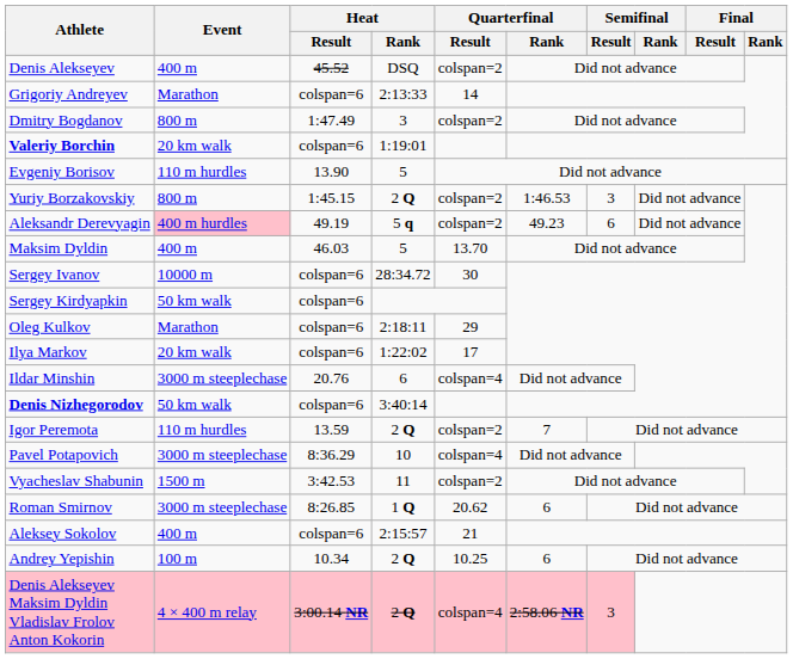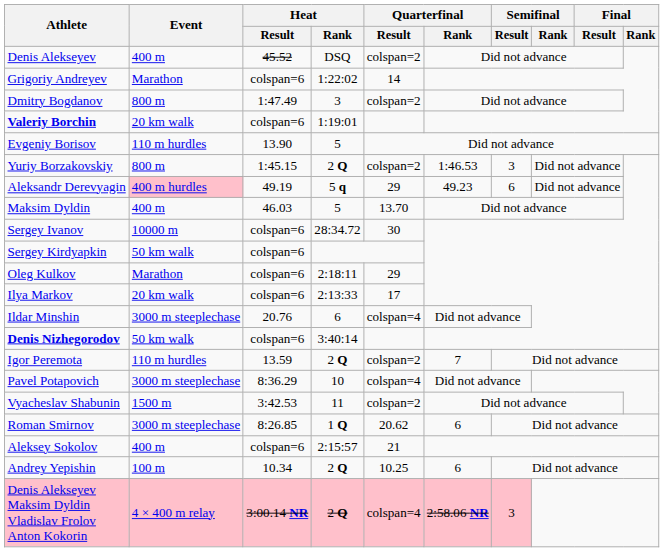 <table class=wikitable style="font-size:90%">
 <tr>
 <th rowspan="2">Athlete</th>
 <th rowspan="2">Event</th>
 <th colspan="2">Heat</th>
 <th colspan="2">Quarterfinal</th>
 <th colspan="2">Semifinal</th>
 <th colspan="2">Final</th>
 </tr>
 <tr style="font-size:95%">
 <th>Result</th>
 <th>Rank</th>
 <th>Result</th>
 <th>Rank</th>
 <th>Result</th>
 <th>Rank</th>
 <th>Result</th>
 <th>Rank</th>
 </tr>
 <tr align=center>
 <td align=left><a href='#'>Denis Alekseyev</a></td>
 <td align=left><a href='#'>400 m</a></td>
 <td><s>45.52</s></td>
 <td>DSQ</td>
 <td>colspan=2 </td>
 <td colspan=4>Did not advance</td>
 </tr>
 <tr align=center>
 <td align=left><a href='#'>Grigoriy Andreyev</a></td>
 <td align=left><a href='#'>Marathon</a></td>
 <td>colspan=6 </td>
-<td>2:13:33</td>
+<td>1:22:02</td>
 <td>14</td>
 </tr>
 <tr align=center>
 <td align=left><a href='#'>Dmitry Bogdanov</a></td>
 <td align=left><a href='#'>800 m</a></td>
 <td>1:47.49</td>
 <td>3</td>
 <td>colspan=2 </td>
 <td colspan=4>Did not advance</td>
 </tr>
 <tr align=center>
 <td align=left><strong><a href='#'>Valeriy Borchin</a></strong></td>
 <td align=left><a href='#'>20 km walk</a></td>
 <td>colspan=6 </td>
 <td>1:19:01</td>
 <td></td>
 </tr>
 <tr align=center>
 <td align=left><a href='#'>Evgeniy Borisov</a></td>
 <td align=left><a href='#'>110 m hurdles</a></td>
 <td>13.90</td>
 <td>5</td>
 <td colspan=6>Did not advance</td>
 </tr>
 <tr align=center>
 <td align=left><a href='#'>Yuriy Borzakovskiy</a></td>
 <td align=left><a href='#'>800 m</a></td>
 <td>1:45.15</td>
 <td>2 <strong>Q</strong></td>
 <td>colspan=2 </td>
 <td>1:46.53</td>
 <td>3</td>
 <td colspan=2>Did not advance</td>
 </tr>
 <tr align=center>
 <td align=left><a href='#'>Aleksandr Derevyagin</a></td>
 <td align=left style="background: pink;"><a href='#'>400 m hurdles</a></td>
 <td>49.19</td>
 <td>5 <strong>q</strong></td>
-<td>colspan=2 </td>
+<td>29</td>
 <td>49.23</td>
 <td>6</td>
 <td colspan=2>Did not advance</td>
 </tr>
 <tr align=center>
 <td align=left><a href='#'>Maksim Dyldin</a></td>
 <td align=left><a href='#'>400 m</a></td>
 <td>46.03</td>
 <td>5</td>
 <td>13.70</td>
 <td colspan=4>Did not advance</td>
 </tr>
 <tr align=center>
 <td align=left><a href='#'>Sergey Ivanov</a></td>
 <td align=left><a href='#'>10000 m</a></td>
 <td>colspan=6 </td>
 <td>28:34.72</td>
 <td>30</td>
 </tr>
 <tr align=center>
 <td align=left><a href='#'>Sergey Kirdyapkin</a></td>
 <td align=left><a href='#'>50 km walk</a></td>
 <td>colspan=6 </td>
 <td colspan=2></td>
 </tr>
 <tr align=center>
 <td align=left><a href='#'>Oleg Kulkov</a></td>
 <td align=left><a href='#'>Marathon</a></td>
 <td>colspan=6 </td>
 <td>2:18:11</td>
 <td>29</td>
 </tr>
 <tr align=center>
 <td align=left><a href='#'>Ilya Markov</a></td>
 <td align=left><a href='#'>20 km walk</a></td>
 <td>colspan=6 </td>
-<td>1:22:02</td>
+<td>2:13:33</td>
 <td>17</td>
 </tr>
 <tr align=center>
 <td align=left><a href='#'>Ildar Minshin</a></td>
 <td align=left><a href='#'>3000 m steeplechase</a></td>
 <td>20.76</td>
 <td>6</td>
 <td>colspan=4 </td>
 <td colspan=2>Did not advance</td>
 </tr>
 <tr align=center>
 <td align=left><strong><a href='#'>Denis Nizhegorodov</a></strong></td>
 <td align=left><a href='#'>50 km walk</a></td>
 <td>colspan=6 </td>
 <td>3:40:14</td>
 <td></td>
 </tr>
 <tr align=center>
 <td align=left><a href='#'>Igor Peremota</a></td>
 <td align=left><a href='#'>110 m hurdles</a></td>
 <td>13.59</td>
 <td>2 <strong>Q</strong></td>
 <td>colspan=2 </td>
 <td>7</td>
 <td colspan=4>Did not advance</td>
 </tr>
 <tr align=center>
 <td align=left><a href='#'>Pavel Potapovich</a></td>
 <td align=left><a href='#'>3000 m steeplechase</a></td>
 <td>8:36.29</td>
 <td>10</td>
 <td>colspan=4 </td>
 <td colspan=2>Did not advance</td>
 </tr>
 <tr align=center>
 <td align=left><a href='#'>Vyacheslav Shabunin</a></td>
 <td align=left><a href='#'>1500 m</a></td>
 <td>3:42.53</td>
 <td>11</td>
 <td>colspan=2 </td>
 <td colspan=4>Did not advance</td>
 </tr>
 <tr align=center>
 <td align=left><a href='#'>Roman Smirnov</a></td>
 <td align=left><a href='#'>3000 m steeplechase</a></td>
 <td>8:26.85</td>
 <td>1 <strong>Q</strong></td>
 <td>20.62</td>
 <td>6</td>
 <td colspan=4>Did not advance</td>
 </tr>
 <tr align=center>
 <td align=left><a href='#'>Aleksey Sokolov</a></td>
 <td align=left><a href='#'>400 m</a></td>
 <td>colspan=6 </td>
 <td>2:15:57</td>
 <td>21</td>
 </tr>
 <tr align=center>
 <td align=left><a href='#'>Andrey Yepishin</a></td>
 <td align=left><a href='#'>100 m</a></td>
 <td>10.34</td>
 <td>2 <strong>Q</strong></td>
 <td>10.25</td>
 <td>6</td>
 <td colspan=4>Did not advance</td>
 </tr>
 <tr align=center bgcolor="pink">
 <td align=left><a href='#'>Denis Alekseyev</a><br><a href='#'>Maksim Dyldin</a><br><a href='#'>Vladislav Frolov</a><br><a href='#'>Anton Kokorin</a></td>
 <td align=left><a href='#'>4 × 400 m relay</a></td>
 <td><s>3:00.14 <strong><a href='#'>NR</a></strong></s></td>
 <td><s>2 <strong>Q</strong></s></td>
 <td>colspan=4 </td>
 <td><s>2:58.06 <strong><a href='#'>NR</a></strong></s></td>
 <td>3</td>
 </tr>
 </table>
